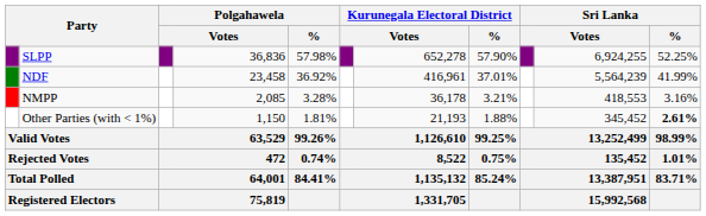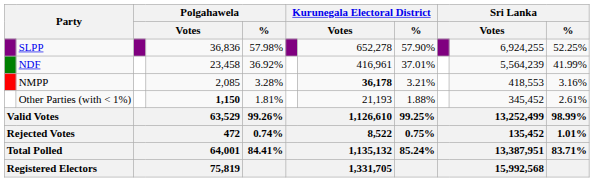 <table class="wikitable">
 <tr>
 <th colspan="2" width="144px"rowspan="2">Party</th>
 <th colspan="3" width="216px">Polgahawela</th>
 <th colspan="3" width="216px"><a href='#'>Kurunegala Electoral District</a></th>
 <th colspan="3" width="216px">Sri Lanka</th>
 </tr>
 <tr>
 <th colspan="2" width="144px">Votes</th>
 <th>%</th>
 <th colspan="2" width="144px">Votes</th>
 <th>%</th>
 <th colspan="2" width="144px">Votes</th>
 <th>%</th>
 </tr>
 <tr>
 <td style="background-color:purple;" width="10px"></td>
 <td style="text-align:left;"><a href='#'>SLPP</a></td>
 <td style="background-color:purple;" width="10px"></td>
 <td style="text-align:right;">36,836</td>
 <td style="text-align:right;">57.98%</td>
 <td style="background-color:purple;" width="10px"></td>
 <td style="text-align:right;">652,278</td>
 <td style="text-align:right;">57.90%</td>
 <td style="background-color:purple;" width="10px"></td>
 <td style="text-align:right;">6,924,255</td>
 <td style="text-align:right;">52.25%</td>
 </tr>
 <tr>
 <td style="background-color:green;" width="10px"></td>
 <td style="text-align:left;"><a href='#'>NDF</a></td>
 <td style="background-color:white;" width="10px"></td>
 <td style="text-align:right;">23,458</td>
 <td style="text-align:right;">36.92%</td>
 <td style="background-color:white;" width="10px"></td>
 <td style="text-align:right;">416,961</td>
 <td style="text-align:right;">37.01%</td>
 <td style="background-color:white;" width="10px"></td>
 <td style="text-align:right;">5,564,239</td>
 <td style="text-align:right;">41.99%</td>
 </tr>
 <tr>
 <td style="background-color:red;" width="10px"></td>
 <td style="text-align:left;">NMPP</td>
 <td style="background-color:white;" width="10px"></td>
 <td style="text-align:right;">2,085</td>
 <td style="text-align:right;">3.28%</td>
 <td style="background-color:white;" width="10px"></td>
-<td style="text-align:right;">36,178</td>
+<td style="text-align:right;"><strong>36,178</strong></td>
 <td style="text-align:right;">3.21%</td>
 <td style="background-color:white;" width="10px"></td>
 <td style="text-align:right;">418,553</td>
 <td style="text-align:right;">3.16%</td>
 </tr>
 <tr>
 <td style="background-color:white;" width="10px"></td>
 <td style="text-align:left;">Other Parties (with < 1%)</td>
 <td style="background-color:white;" width="10px"></td>
-<td style="text-align:right;">1,150</td>
+<td style="text-align:right;"><strong>1,150</strong></td>
 <td style="text-align:right;">1.81%</td>
 <td style="background-color:white;" width="10px"></td>
 <td style="text-align:right;">21,193</td>
 <td style="text-align:right;">1.88%</td>
 <td style="background-color:white;" width="10px"></td>
 <td style="text-align:right;">345,452</td>
-<td style="text-align:right;"><strong>2.61%</strong></td>
+<td style="text-align:right;">2.61%</td>
 </tr>
 <tr>
 <th colspan="2" width="144px"style="text-align:left;">Valid Votes</th>
 <th style="text-align:right;"colspan="2" width="144px">63,529</th>
 <th style="text-align:right;">99.26%</th>
 <th style="text-align:right;"colspan="2" width="144px">1,126,610</th>
 <th style="text-align:right;">99.25%</th>
 <th style="text-align:right;"colspan="2" width="144px">13,252,499</th>
 <th style="text-align:right;">98.99%</th>
 </tr>
 <tr>
 <th colspan="2" width="144px"style="text-align:left;">Rejected Votes</th>
 <th style="text-align:right;"colspan="2" width="144px">472</th>
 <th style="text-align:right;">0.74%</th>
 <th style="text-align:right;"colspan="2" width="144px">8,522</th>
 <th style="text-align:right;">0.75%</th>
 <th style="text-align:right;"colspan="2" width="144px">135,452</th>
 <th style="text-align:right;">1.01%</th>
 </tr>
 <tr>
 <th colspan="2" width="144px"style="text-align:left;">Total Polled</th>
 <th style="text-align:right;"colspan="2" width="144px">64,001</th>
 <th style="text-align:right;">84.41%</th>
 <th style="text-align:right;"colspan="2" width="144px">1,135,132</th>
 <th style="text-align:right;">85.24%</th>
 <th style="text-align:right;"colspan="2" width="144px">13,387,951</th>
 <th style="text-align:right;">83.71%</th>
 </tr>
 <tr>
 <th colspan="2" width="144px"style="text-align:left;">Registered Electors</th>
 <th style="text-align:right;"colspan="2" width="144px">75,819</th>
 <th></th>
 <th style="text-align:right;"colspan="2" width="144px">1,331,705</th>
 <th></th>
 <th style="text-align:right;"colspan="2" width="144px">15,992,568</th>
 <th></th>
 </tr>
 </table>
